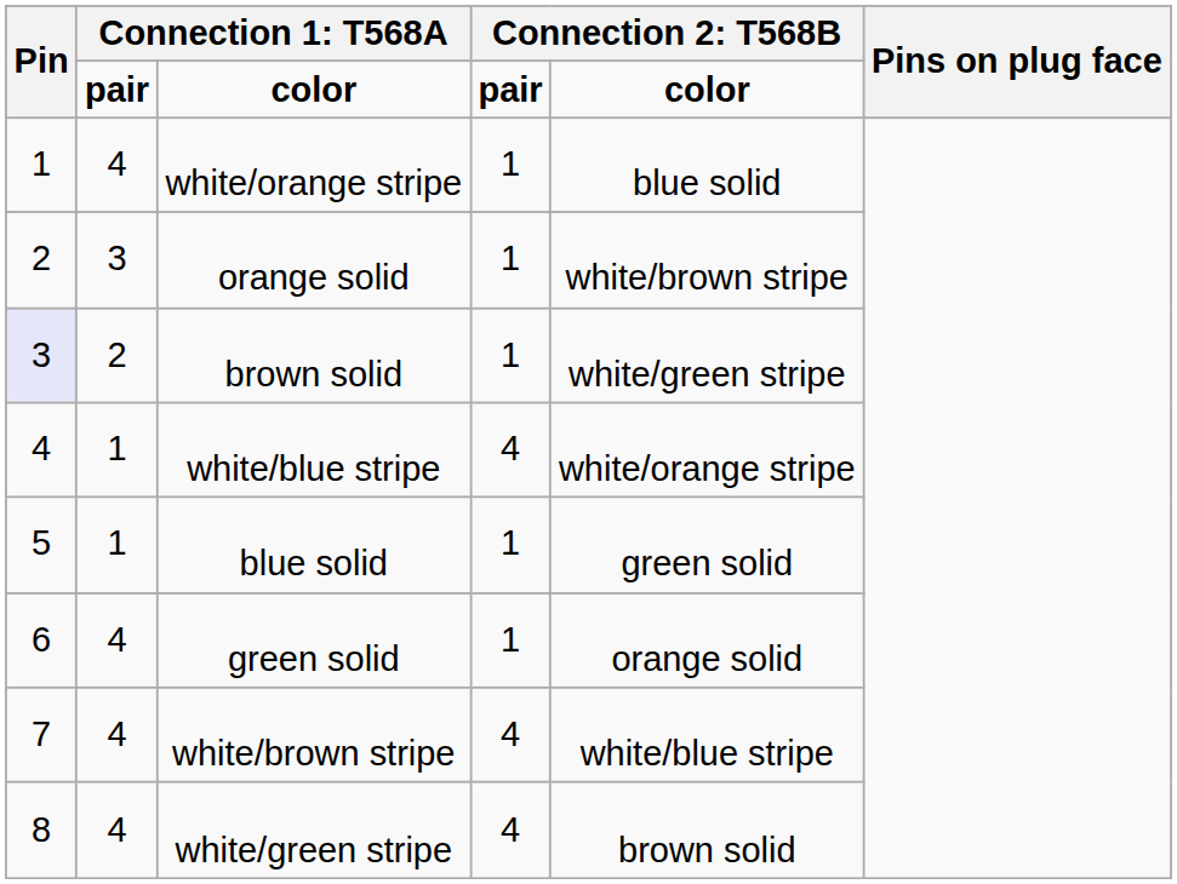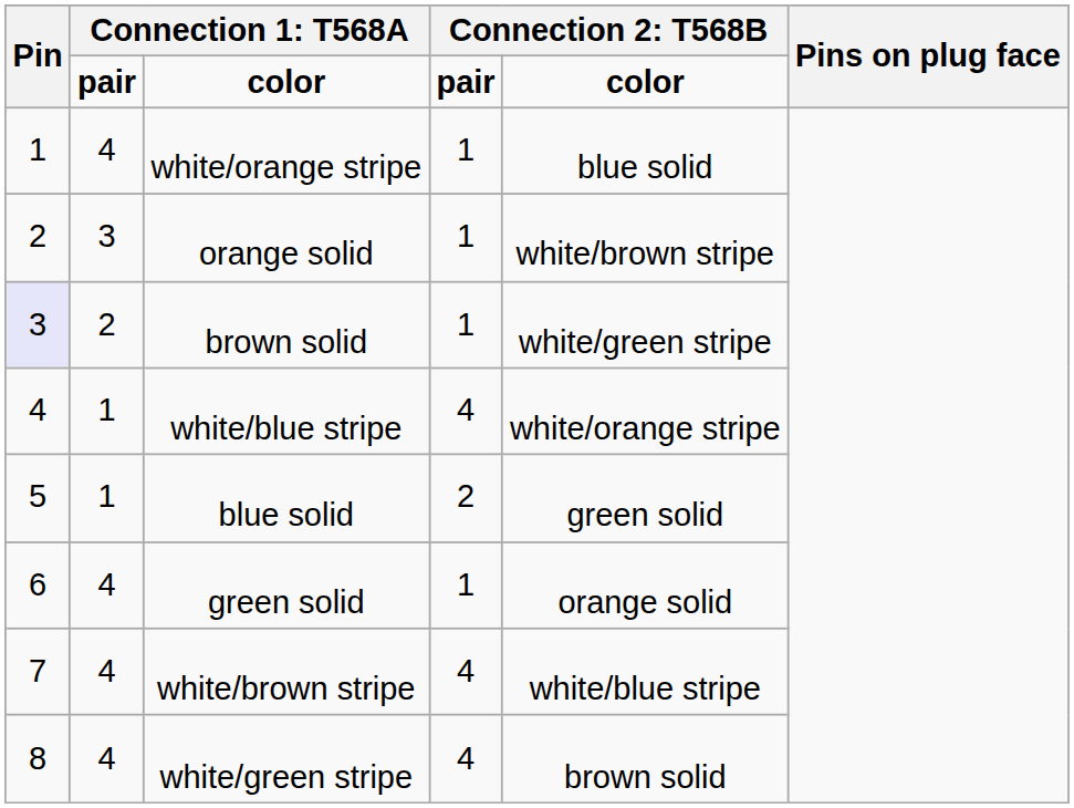 <table class="wikitable" style="text-align:center">
 <tr>
 <th rowspan="2">Pin</th>
 <th colspan="2">Connection 1: T568A<br></th>
 <th colspan="2">Connection 2: T568B<br></th>
 <th rowspan="2">Pins on plug face</th>
 </tr>
 <tr>
 <td><strong>pair</strong></td>
 <td><strong>color</strong></td>
 <td><strong>pair</strong></td>
 <td><strong>color</strong></td>
 </tr>
 <tr>
 <td>1</td>
 <td>4</td>
 <td><br>white/orange stripe</td>
 <td>1</td>
 <td><br>blue solid</td>
 <td rowspan="8"></td>
 </tr>
 <tr>
 <td>2</td>
 <td>3</td>
 <td><br>orange solid</td>
 <td>1</td>
 <td><br>white/brown stripe</td>
 </tr>
 <tr>
 <td style="background: lavender;">3</td>
 <td>2</td>
 <td><br>brown solid</td>
 <td>1</td>
 <td><br>white/green stripe</td>
 </tr>
 <tr>
 <td>4</td>
 <td>1</td>
 <td><br>white/blue stripe</td>
 <td>4</td>
 <td><br>white/orange stripe</td>
 </tr>
 <tr>
 <td>5</td>
 <td>1</td>
 <td><br>blue solid</td>
-<td>1</td>
+<td>2</td>
 <td><br>green solid</td>
 </tr>
 <tr>
 <td>6</td>
 <td>4</td>
 <td><br>green solid</td>
 <td>1</td>
 <td><br>orange solid</td>
 </tr>
 <tr>
 <td>7</td>
 <td>4</td>
 <td><br>white/brown stripe</td>
 <td>4</td>
 <td><br>white/blue stripe</td>
 </tr>
 <tr>
 <td>8</td>
 <td>4</td>
 <td><br>white/green stripe</td>
 <td>4</td>
 <td><br>brown solid</td>
 </tr>
 </table>
